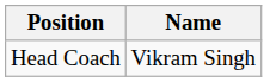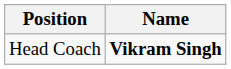 <table class="wikitable">
 <tr>
 <th>Position</th>
 <th>Name</th>
 </tr>
 <tr>
 <td>Head Coach</td>
-<td> Vikram Singh</td>
+<td><strong> Vikram Singh</strong></td>
 </tr>
 </table>
